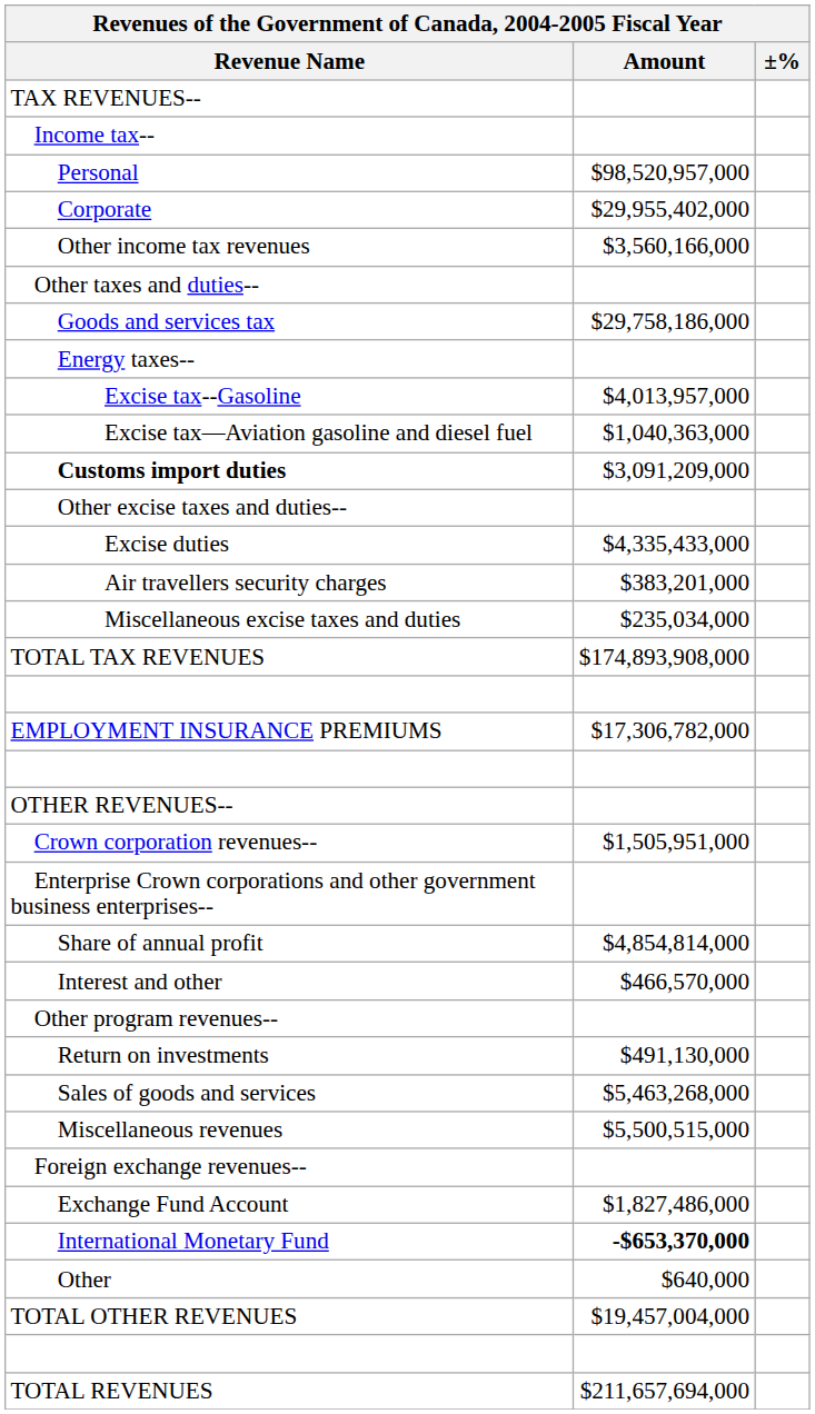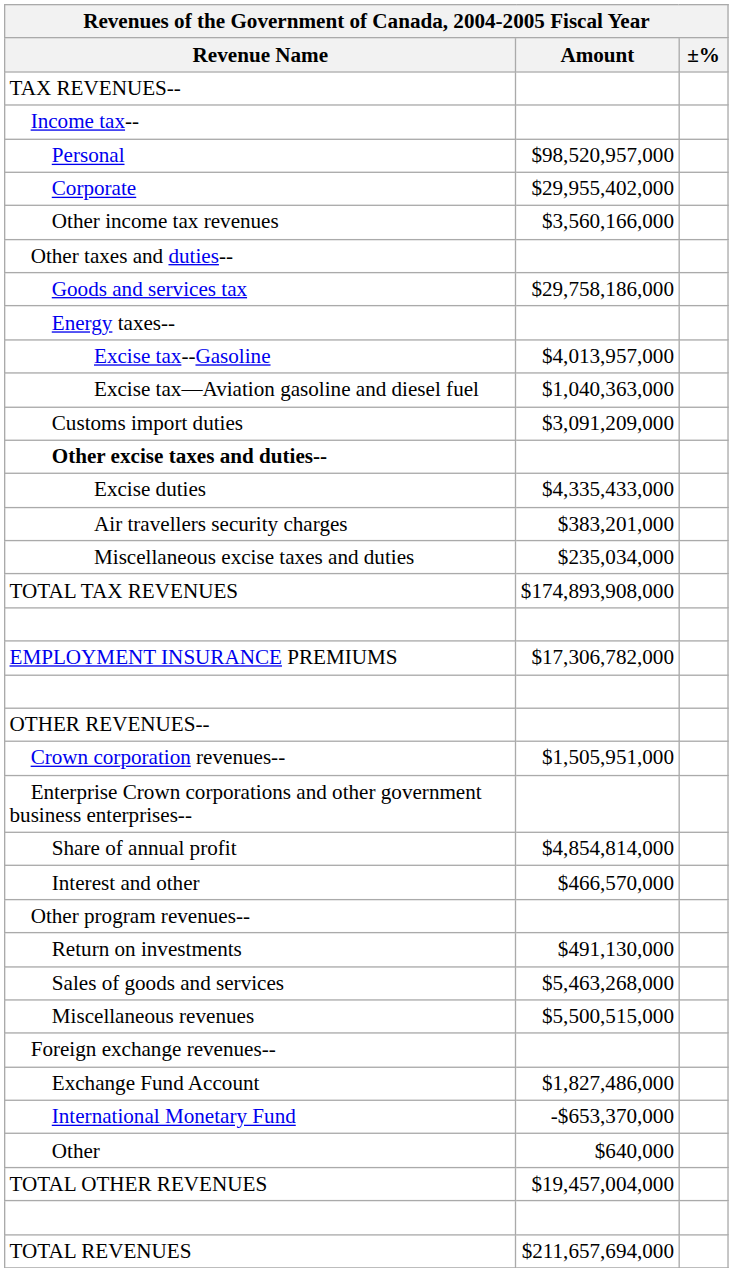 <table class="wikitable">
 <tr>
 <th colspan="7">Revenues of the Government of Canada, 2004-2005 Fiscal Year</th>
 </tr>
 <tr>
 <th style="width: 380px">Revenue Name</th>
 <th style="width: 110px">Amount</th>
 <th style="width: 30px">±%</th>
 </tr>
 <tr bgcolor="white">
 <td>TAX REVENUES--</td>
 <td align="right"></td>
 <td align="center"></td>
 </tr>
 <tr bgcolor="white">
 <td>    <a href='#'>Income tax</a>--</td>
 <td align="right"></td>
 <td align="center"></td>
 </tr>
 <tr bgcolor="white">
 <td>        <a href='#'>Personal</a></td>
 <td align="right">$98,520,957,000</td>
 <td align="center"></td>
 </tr>
 <tr bgcolor="white">
 <td>        <a href='#'>Corporate</a></td>
 <td align="right">$29,955,402,000</td>
 <td align="center"></td>
 </tr>
 <tr bgcolor="white">
 <td>        Other income tax revenues</td>
 <td align="right">$3,560,166,000</td>
 <td align="center"></td>
 </tr>
 <tr bgcolor="white">
 <td>    Other taxes and <a href='#'>duties</a>--</td>
 <td align="right"></td>
 <td align="center"></td>
 </tr>
 <tr bgcolor="white">
 <td>        <a href='#'>Goods and services tax</a></td>
 <td align="right">$29,758,186,000</td>
 <td align="center"></td>
 </tr>
 <tr bgcolor="white">
 <td>        <a href='#'>Energy</a> taxes--</td>
 <td align="right"></td>
 <td align="center"></td>
 </tr>
 <tr bgcolor="white">
 <td>                <a href='#'>Excise tax</a>--<a href='#'>Gasoline</a></td>
 <td align="right">$4,013,957,000</td>
 <td align="center"></td>
 </tr>
 <tr bgcolor="white">
 <td>                Excise tax—Aviation gasoline and diesel fuel</td>
 <td align="right">$1,040,363,000</td>
 <td align="center"></td>
 </tr>
 <tr bgcolor="white">
-<td><strong>        Customs import duties</strong></td>
+<td>        Customs import duties</td>
 <td align="right">$3,091,209,000</td>
 <td align="center"></td>
 </tr>
 <tr bgcolor="white">
-<td>        Other excise taxes and duties--</td>
+<td><strong>        Other excise taxes and duties--</strong></td>
 <td align="right"></td>
 <td align="center"></td>
 </tr>
 <tr bgcolor="white">
 <td>                Excise duties</td>
 <td align="right">$4,335,433,000</td>
 <td align="center"></td>
 </tr>
 <tr bgcolor="white">
 <td>                Air travellers security charges</td>
 <td align="right">$383,201,000</td>
 <td align="center"></td>
 </tr>
 <tr bgcolor="white">
 <td>                Miscellaneous excise taxes and duties</td>
 <td align="right">$235,034,000</td>
 <td align="center"></td>
 </tr>
 <tr bgcolor="white">
 <td>TOTAL TAX REVENUES</td>
 <td align="right">$174,893,908,000</td>
 <td align="center"></td>
 </tr>
 <tr bgcolor="white">
 <td> </td>
 <td align="right"></td>
 <td align="center"></td>
 </tr>
 <tr bgcolor="white">
 <td><a href='#'>EMPLOYMENT INSURANCE</a> PREMIUMS</td>
 <td align="right">$17,306,782,000</td>
 <td align="center"></td>
 </tr>
 <tr bgcolor="white">
 <td> </td>
 <td align="right"></td>
 <td align="center"></td>
 </tr>
 <tr bgcolor="white">
 <td>OTHER REVENUES--</td>
 <td align="right"></td>
 <td align="center"></td>
 </tr>
 <tr bgcolor="white">
 <td>    <a href='#'>Crown corporation</a> revenues--</td>
 <td align="right">$1,505,951,000</td>
 <td align="center"></td>
 </tr>
 <tr bgcolor="white">
 <td>    Enterprise Crown corporations and other government business enterprises--</td>
 <td align="right"></td>
 <td align="center"></td>
 </tr>
 <tr bgcolor="white">
 <td>        Share of annual profit</td>
 <td align="right">$4,854,814,000</td>
 <td align="center"></td>
 </tr>
 <tr bgcolor="white">
 <td>        Interest and other</td>
 <td align="right">$466,570,000</td>
 <td align="center"></td>
 </tr>
 <tr bgcolor="white">
 <td>    Other program revenues--</td>
 <td align="right"></td>
 <td align="center"></td>
 </tr>
 <tr bgcolor="white">
 <td>        Return on investments</td>
 <td align="right">$491,130,000</td>
 <td align="center"></td>
 </tr>
 <tr bgcolor="white">
 <td>        Sales of goods and services</td>
 <td align="right">$5,463,268,000</td>
 <td align="center"></td>
 </tr>
 <tr bgcolor="white">
 <td>        Miscellaneous revenues</td>
 <td align="right">$5,500,515,000</td>
 <td align="center"></td>
 </tr>
 <tr bgcolor="white">
 <td>    Foreign exchange revenues--</td>
 <td align="right"></td>
 <td align="center"></td>
 </tr>
 <tr bgcolor="white">
 <td>        Exchange Fund Account</td>
 <td align="right">$1,827,486,000</td>
 <td align="center"></td>
 </tr>
 <tr bgcolor="white">
 <td>        <a href='#'>International Monetary Fund</a></td>
-<td align="right"><strong>-$653,370,000</strong></td>
+<td align="right">-$653,370,000</td>
 <td align="center"></td>
 </tr>
 <tr bgcolor="white">
 <td>        Other</td>
 <td align="right">$640,000</td>
 <td align="center"></td>
 </tr>
 <tr bgcolor="white">
 <td>TOTAL OTHER REVENUES</td>
 <td align="right">$19,457,004,000</td>
 <td align="center"></td>
 </tr>
 <tr bgcolor="white">
 <td> </td>
 <td align="right"></td>
 <td align="center"></td>
 </tr>
 <tr bgcolor="white">
 <td>TOTAL REVENUES</td>
 <td align="right">$211,657,694,000</td>
 <td align="center"></td>
 </tr>
 </table>
